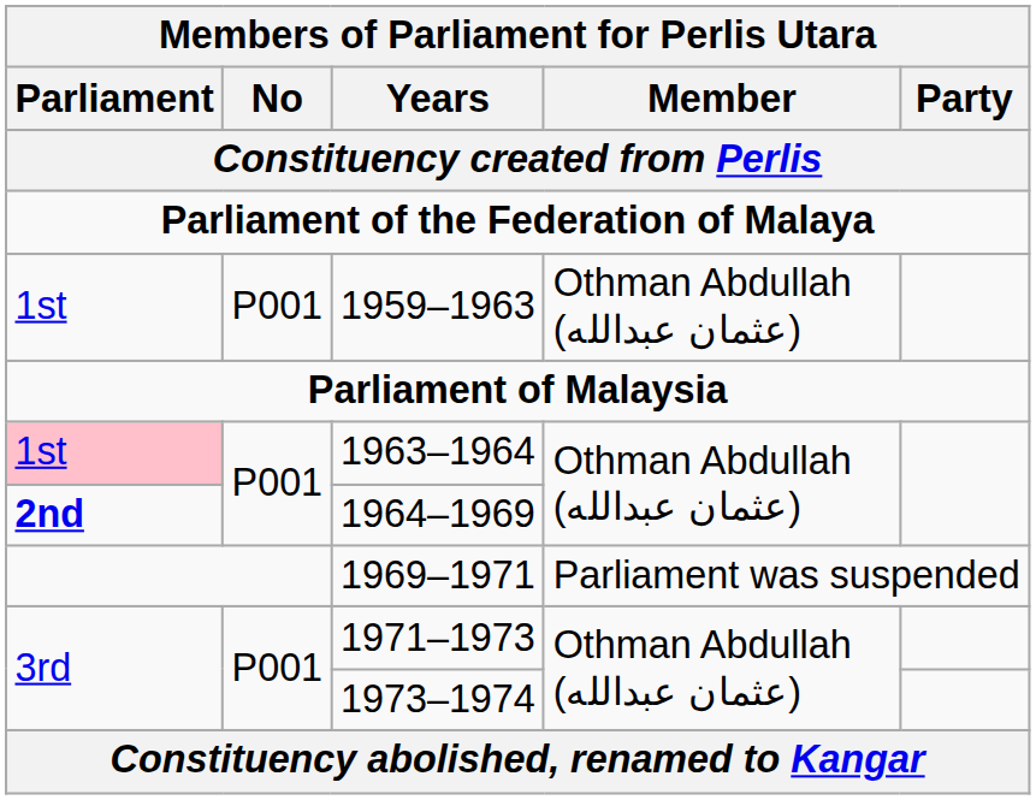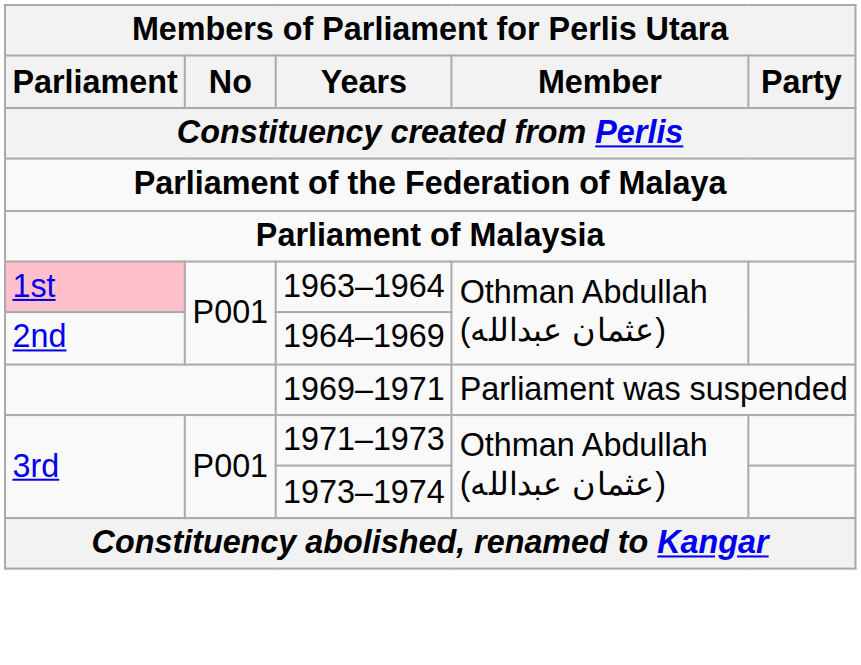 <table class=wikitable>
 <tr>
 <th colspan="5">Members of Parliament for Perlis Utara</th>
 </tr>
 <tr>
 <th>Parliament</th>
 <th>No</th>
 <th>Years</th>
 <th>Member</th>
 <th>Party</th>
 </tr>
 <tr>
 <th colspan="5" align="center"><em>Constituency created from <a href='#'>Perlis</a></em></th>
 </tr>
 <tr>
 <td colspan="5" align="center"><strong>Parliament of the Federation of Malaya</strong></td>
 </tr>
 <tr>
-<td><a href='#'>1st</a></td>
-<td>P001</td>
-<td>1959–1963</td>
-<td>Othman Abdullah  <br> (عثمان عبدالله)</td>
-<td></td>
-</tr>
-<tr>
 <td colspan="5" align="center"><strong>Parliament of Malaysia</strong></td>
 </tr>
 <tr>
 <td style="background: pink;"><a href='#'>1st</a></td>
 <td rowspan="2">P001</td>
 <td>1963–1964</td>
 <td rowspan="2">Othman Abdullah <br>  (عثمان عبدالله)</td>
 <td rowspan=2></td>
 </tr>
 <tr>
-<td><strong><a href='#'>2nd</a></strong></td>
+<td><a href='#'>2nd</a></td>
 <td>1964–1969</td>
 </tr>
 <tr>
 <td colspan="2"></td>
 <td>1969–1971</td>
 <td colspan="2" align="center">Parliament was suspended</td>
 </tr>
 <tr>
 <td rowspan=2><a href='#'>3rd</a></td>
 <td rowspan="2">P001</td>
 <td>1971–1973</td>
 <td rowspan="2">Othman Abdullah <br>  (عثمان عبدالله)</td>
 <td></td>
 </tr>
 <tr>
 <td>1973–1974</td>
 <td></td>
 </tr>
 <tr>
 <th colspan="5" align="center"><em>Constituency abolished, renamed to <a href='#'>Kangar</a></em></th>
 </tr>
 </table>
